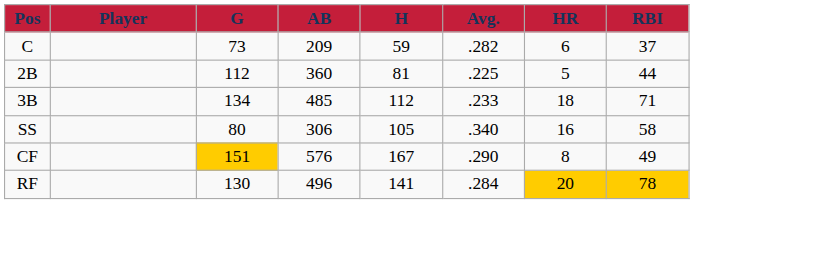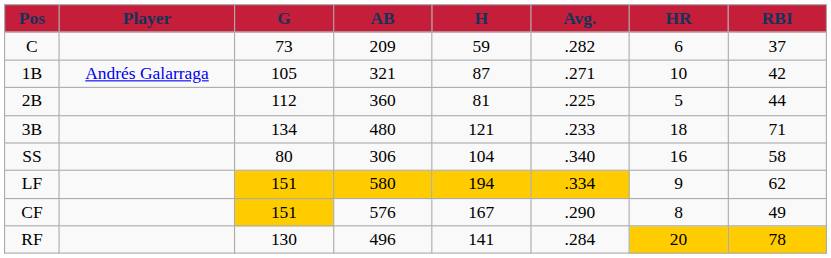 <table class="wikitable sortable">
 <tr>
 <th style="background:#C41E3A;color:#14345B;" width="5%">Pos</th>
 <th style="background:#C41E3A;color:#14345B;" width="16%">Player</th>
 <th style="background:#C41E3A;color:#14345B;" width="9%">G</th>
 <th style="background:#C41E3A;color:#14345B;" width="9%">AB</th>
 <th style="background:#C41E3A;color:#14345B;" width="9%">H</th>
 <th style="background:#C41E3A;color:#14345B;" width="9%">Avg.</th>
 <th style="background:#C41E3A;color:#14345B;" width="9%">HR</th>
 <th style="background:#C41E3A;color:#14345B;" width="9%">RBI</th>
 </tr>
 <tr align="center">
 <td>C</td>
 <td></td>
 <td>73</td>
 <td>209</td>
 <td>59</td>
 <td>.282</td>
 <td>6</td>
 <td>37</td>
 </tr>
+<tr align="center">
+<td>1B</td>
+<td><a href='#'>Andrés Galarraga</a></td>
+<td>105</td>
+<td>321</td>
+<td>87</td>
+<td>.271</td>
+<td>10</td>
+<td>42</td>
+</tr>
 <tr align=center>
 <td>2B</td>
 <td></td>
 <td>112</td>
 <td>360</td>
 <td>81</td>
 <td>.225</td>
 <td>5</td>
 <td>44</td>
 </tr>
 <tr align="center">
 <td>3B</td>
 <td></td>
 <td>134</td>
-<td>485</td>
-<td>112</td>
+<td>480</td>
+<td>121</td>
 <td>.233</td>
 <td>18</td>
 <td>71</td>
 </tr>
 <tr align="center">
 <td>SS</td>
 <td></td>
 <td>80</td>
 <td>306</td>
-<td>105</td>
+<td>104</td>
 <td>.340</td>
 <td>16</td>
 <td>58</td>
+</tr>
+<tr align="center">
+<td>LF</td>
+<td></td>
+<td bgcolor="#FFCC00">151</td>
+<td bgcolor="#FFCC00">580</td>
+<td bgcolor="#FFCC00">194</td>
+<td bgcolor="#FFCC00">.334</td>
+<td>9</td>
+<td>62</td>
 </tr>
 <tr align="center">
 <td>CF</td>
 <td></td>
 <td bgcolor="#FFCC00">151</td>
 <td>576</td>
 <td>167</td>
 <td>.290</td>
 <td>8</td>
 <td>49</td>
 </tr>
 <tr align="center">
 <td>RF</td>
 <td></td>
 <td>130</td>
 <td>496</td>
 <td>141</td>
 <td>.284</td>
 <td bgcolor="#FFCC00">20</td>
 <td bgcolor="#FFCC00">78</td>
 </tr>
 </table>
